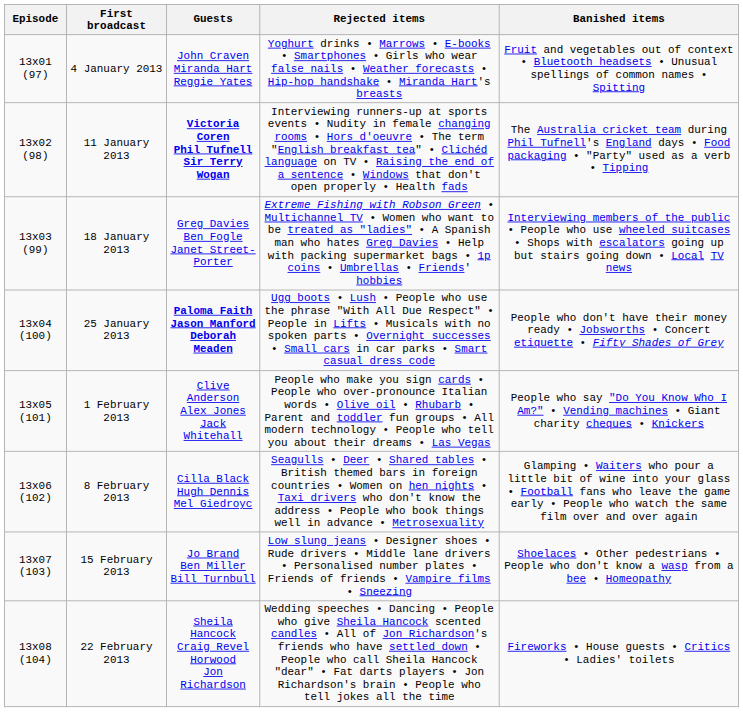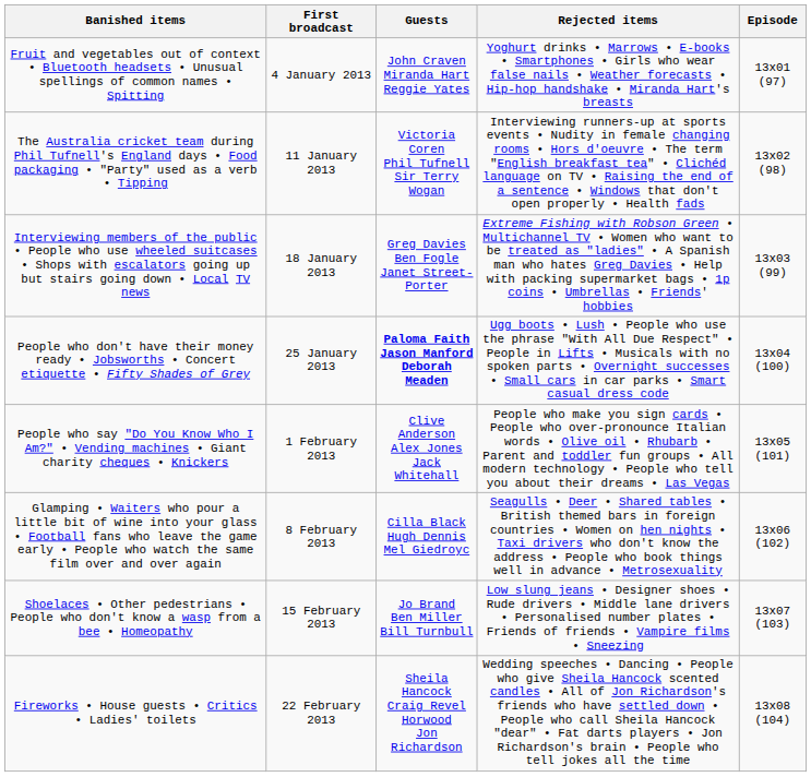 <table class="wikitable"  style="width:99%; left:0 auto; text-align:center;">
 <tr>
-<th style="width:8%;">Episode</th>
+<th style="width:31%;">Banished items</th>
 <th style="width:13%;">First broadcast</th>
 <th style="width:12%;">Guests</th>
 <th style="width:31%;">Rejected items</th>
-<th style="width:31%;">Banished items</th>
+<th style="width:8%;">Episode</th>
 </tr>
 <tr>
-<td>13x01 (97)</td>
+<td><a href='#'>Fruit</a> and vegetables out of context • <a href='#'>Bluetooth headsets</a> • Unusual spellings of common names • <a href='#'>Spitting</a></td>
 <td>4 January 2013</td>
 <td><a href='#'>John Craven</a><br><a href='#'>Miranda Hart</a><br><a href='#'>Reggie Yates</a></td>
 <td><a href='#'>Yoghurt</a> drinks • <a href='#'>Marrows</a> • <a href='#'>E-books</a> • <a href='#'>Smartphones</a> • Girls who wear <a href='#'>false nails</a> • <a href='#'>Weather forecasts</a> • <a href='#'>Hip-hop handshake</a> • <a href='#'>Miranda Hart</a>'s <a href='#'>breasts</a></td>
-<td><a href='#'>Fruit</a> and vegetables out of context • <a href='#'>Bluetooth headsets</a> • Unusual spellings of common names • <a href='#'>Spitting</a></td>
+<td>13x01 (97)</td>
 </tr>
 <tr>
+<td>The <a href='#'>Australia cricket team</a> during <a href='#'>Phil Tufnell</a>'s <a href='#'>England</a> days • <a href='#'>Food packaging</a> •  "Party" used as a verb • <a href='#'>Tipping</a></td>
+<td>11 January 2013</td>
+<td><a href='#'>Victoria Coren</a><br><a href='#'>Phil Tufnell</a><br><a href='#'>Sir Terry Wogan</a></td>
+<td>Interviewing runners-up at sports events • Nudity in female <a href='#'>changing rooms</a> • <a href='#'>Hors d'oeuvre</a> • The term "<a href='#'>English breakfast tea</a>" • <a href='#'>Clichéd language</a> on TV • <a href='#'>Raising the end of a sentence</a> • <a href='#'>Windows</a> that don't open properly • Health <a href='#'>fads</a></td>
 <td>13x02 (98)</td>
-<td>11 January 2013</td>
-<td><strong><a href='#'>Victoria Coren</a><br><a href='#'>Phil Tufnell</a><br><a href='#'>Sir Terry Wogan</a></strong></td>
-<td>Interviewing runners-up at sports events • Nudity in female <a href='#'>changing rooms</a> • <a href='#'>Hors d'oeuvre</a> • The term "<a href='#'>English breakfast tea</a>" • <a href='#'>Clichéd language</a> on TV • <a href='#'>Raising the end of a sentence</a> • <a href='#'>Windows</a> that don't open properly • Health <a href='#'>fads</a></td>
-<td>The <a href='#'>Australia cricket team</a> during <a href='#'>Phil Tufnell</a>'s <a href='#'>England</a> days • <a href='#'>Food packaging</a> •  "Party" used as a verb • <a href='#'>Tipping</a></td>
 </tr>
 <tr>
-<td>13x03 (99)</td>
+<td><a href='#'>Interviewing members of the public</a> • People who use <a href='#'>wheeled suitcases</a> • Shops with <a href='#'>escalators</a> going up but stairs going down • <a href='#'>Local</a> <a href='#'>TV news</a></td>
 <td>18 January 2013</td>
 <td><a href='#'>Greg Davies</a><br><a href='#'>Ben Fogle</a><br><a href='#'>Janet Street-Porter</a></td>
 <td><em><a href='#'>Extreme Fishing with Robson Green</a></em> • <a href='#'>Multichannel TV</a> • Women who want to be <a href='#'>treated as "ladies"</a> • A Spanish man who hates <a href='#'>Greg Davies</a> • Help with packing supermarket bags • <a href='#'>1p coins</a> • <a href='#'>Umbrellas</a> • <a href='#'>Friends</a>' <a href='#'>hobbies</a></td>
-<td><a href='#'>Interviewing members of the public</a> • People who use <a href='#'>wheeled suitcases</a> • Shops with <a href='#'>escalators</a> going up but stairs going down • <a href='#'>Local</a> <a href='#'>TV news</a></td>
+<td>13x03 (99)</td>
 </tr>
 <tr>
-<td>13x04 (100)</td>
+<td>People who don't have their money ready • <a href='#'>Jobsworths</a> • Concert <a href='#'>etiquette</a> • <em><a href='#'>Fifty Shades of Grey</a></em></td>
 <td>25 January 2013</td>
 <td><strong><a href='#'>Paloma Faith</a><br><a href='#'>Jason Manford</a><br><a href='#'>Deborah Meaden</a></strong></td>
 <td><a href='#'>Ugg boots</a> • <a href='#'>Lush</a> • People who use the phrase "With All Due Respect" • People in <a href='#'>Lifts</a> • Musicals with no spoken parts • <a href='#'>Overnight successes</a> • <a href='#'>Small cars</a> in car parks • <a href='#'>Smart casual dress code</a></td>
-<td>People who don't have their money ready • <a href='#'>Jobsworths</a> • Concert <a href='#'>etiquette</a> • <em><a href='#'>Fifty Shades of Grey</a></em></td>
+<td>13x04 (100)</td>
 </tr>
 <tr>
-<td>13x05 (101)</td>
+<td>People who say <a href='#'>"Do You Know Who I Am?"</a> • <a href='#'>Vending machines</a> • Giant charity <a href='#'>cheques</a> • <a href='#'>Knickers</a></td>
 <td>1 February 2013</td>
 <td><a href='#'>Clive Anderson</a><br><a href='#'>Alex Jones</a><br><a href='#'>Jack Whitehall</a></td>
 <td>People who make you sign <a href='#'>cards</a> • People who over-pronounce Italian words • <a href='#'>Olive oil</a> • <a href='#'>Rhubarb</a> • Parent and <a href='#'>toddler</a> fun groups • All modern technology • People who tell you about their dreams • <a href='#'>Las Vegas</a></td>
-<td>People who say <a href='#'>"Do You Know Who I Am?"</a> • <a href='#'>Vending machines</a> • Giant charity <a href='#'>cheques</a> • <a href='#'>Knickers</a></td>
+<td>13x05 (101)</td>
 </tr>
 <tr>
-<td>13x06 (102)</td>
+<td>Glamping • <a href='#'>Waiters</a> who pour a little bit of wine into your glass • <a href='#'>Football</a> fans who leave the game early • People who watch the same film over and over again</td>
 <td>8 February 2013</td>
 <td><a href='#'>Cilla Black</a><br><a href='#'>Hugh Dennis</a><br><a href='#'>Mel Giedroyc</a></td>
 <td><a href='#'>Seagulls</a> • <a href='#'>Deer</a> • <a href='#'>Shared tables</a> • British themed bars in foreign countries • Women on <a href='#'>hen nights</a> • <a href='#'>Taxi drivers</a> who don't know the address • People who book things well in advance • <a href='#'>Metrosexuality</a></td>
-<td>Glamping • <a href='#'>Waiters</a> who pour a little bit of wine into your glass • <a href='#'>Football</a> fans who leave the game early • People who watch the same film over and over again</td>
+<td>13x06 (102)</td>
 </tr>
 <tr>
-<td>13x07 (103)</td>
+<td><a href='#'>Shoelaces</a> • Other pedestrians • People who don't know a <a href='#'>wasp</a> from a <a href='#'>bee</a> • <a href='#'>Homeopathy</a></td>
 <td>15 February 2013</td>
 <td><a href='#'>Jo Brand</a><br><a href='#'>Ben Miller</a><br><a href='#'>Bill Turnbull</a></td>
 <td><a href='#'>Low slung jeans</a> • Designer shoes • Rude drivers • Middle lane drivers • Personalised number plates • Friends of friends • <a href='#'>Vampire films</a> • <a href='#'>Sneezing</a></td>
-<td><a href='#'>Shoelaces</a> • Other pedestrians • People who don't know a <a href='#'>wasp</a> from a <a href='#'>bee</a> • <a href='#'>Homeopathy</a></td>
+<td>13x07 (103)</td>
 </tr>
 <tr>
-<td>13x08 (104)</td>
+<td><a href='#'>Fireworks</a> • House guests • <a href='#'>Critics</a> • Ladies' toilets</td>
 <td>22 February 2013</td>
 <td><a href='#'>Sheila Hancock</a><br><a href='#'>Craig Revel Horwood</a><br><a href='#'>Jon Richardson</a></td>
 <td>Wedding speeches • Dancing • People who give <a href='#'>Sheila Hancock</a> scented <a href='#'>candles</a> • All of <a href='#'>Jon Richardson</a>'s friends who have <a href='#'>settled down</a> • People who call Sheila Hancock "dear" • Fat darts players • Jon Richardson's brain • People who tell jokes all the time</td>
-<td><a href='#'>Fireworks</a> • House guests • <a href='#'>Critics</a> • Ladies' toilets</td>
+<td>13x08 (104)</td>
 </tr>
 </table>
